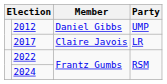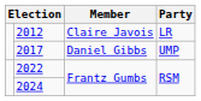 <table class="wikitable">
 <tr>
 <th colspan="2">Election</th>
 <th>Member</th>
 <th>Party</th>
 </tr>
 <tr>
 <td rowspan="2" style="background-color: "></td>
 <td><a href='#'>2012</a></td>
-<td><a href='#'>Daniel Gibbs</a></td>
-<td><a href='#'>UMP</a></td>
+<td><a href='#'>Claire Javois</a></td>
+<td><a href='#'>LR</a></td>
 </tr>
 <tr>
 <td><a href='#'>2017</a></td>
-<td><a href='#'>Claire Javois</a></td>
-<td><a href='#'>LR</a></td>
+<td><a href='#'>Daniel Gibbs</a></td>
+<td><a href='#'>UMP</a></td>
 </tr>
 <tr>
 <td rowspan="2" style="background-color: "></td>
 <td><a href='#'>2022</a></td>
 <td rowspan="2"><a href='#'>Frantz Gumbs</a></td>
 <td rowspan="2"><a href='#'>RSM</a></td>
 </tr>
 <tr>
 <td><a href='#'>2024</a></td>
 </tr>
 </table>
